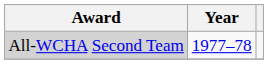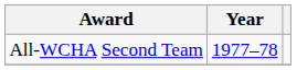 <table class="wikitable">
 <tr>
 <th>Award</th>
 <th>Year</th>
 <th></th>
 </tr>
 <tr>
-<td style="background: lightgrey;">All-<a href='#'>WCHA</a> <a href='#'>Second Team</a></td>
+<td>All-<a href='#'>WCHA</a> <a href='#'>Second Team</a></td>
 <td><a href='#'>1977–78</a></td>
 <td></td>
 </tr>
 <tr>
 </tr>
 </table>
